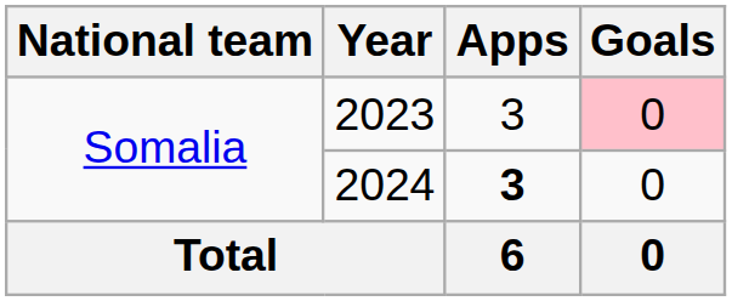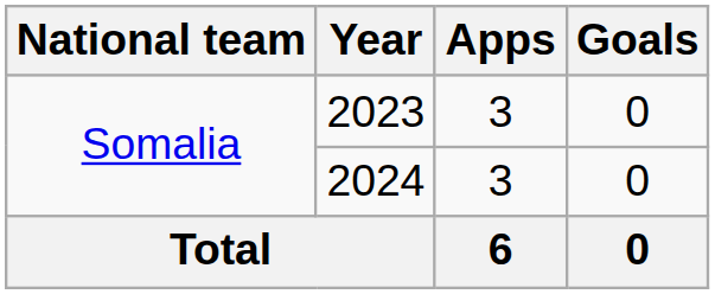 <table class="wikitable" style="text-align:center">
 <tr>
 <th>National team</th>
 <th>Year</th>
 <th>Apps</th>
 <th>Goals</th>
 </tr>
 <tr>
 <td rowspan="2"><a href='#'>Somalia</a></td>
 <td>2023</td>
 <td>3</td>
-<td style="background: pink;">0</td>
+<td>0</td>
 </tr>
 <tr>
 <td>2024</td>
-<td><strong>3</strong></td>
+<td>3</td>
 <td>0</td>
 </tr>
 <tr>
 <th colspan="2">Total</th>
 <th>6</th>
 <th>0</th>
 </tr>
 </table>
